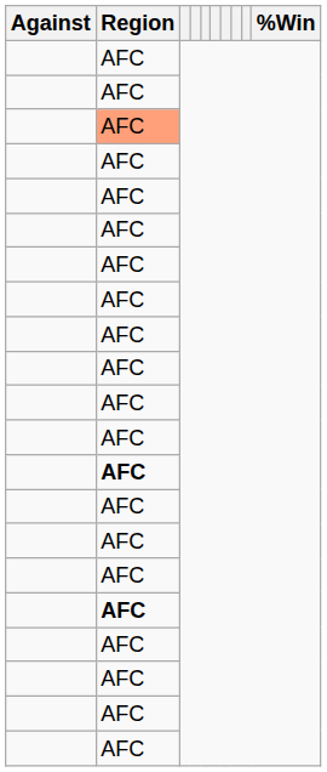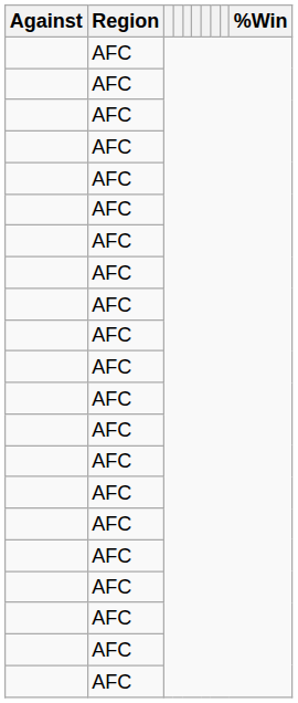 <table class="wikitable sortable" style="text-align: left;font-size:90%;">
 <tr>
 <th>Against</th>
 <th>Region</th>
 <th></th>
 <th></th>
 <th></th>
 <th></th>
 <th></th>
 <th></th>
 <th></th>
 <th>%Win</th>
-</tr>
-<tr>
-<td></td>
-<td>AFC<br></td>
-</tr>
-<tr>
-<td></td>
-<td>AFC<br></td>
-</tr>
-<tr>
-<td></td>
-<td style="background: lightsalmon;">AFC<br></td>
 </tr>
 <tr>
 <td></td>
 <td>AFC<br></td>
 </tr>
 <tr>
 <td></td>
 <td>AFC<br></td>
 </tr>
 <tr>
 <td></td>
 <td>AFC<br></td>
 </tr>
 <tr>
 <td></td>
 <td>AFC<br></td>
 </tr>
 <tr>
 <td></td>
 <td>AFC<br></td>
 </tr>
 <tr>
 <td></td>
 <td>AFC<br></td>
 </tr>
 <tr>
 <td></td>
 <td>AFC<br></td>
 </tr>
 <tr>
 <td></td>
 <td>AFC<br></td>
 </tr>
 <tr>
 <td></td>
 <td>AFC<br></td>
 </tr>
 <tr>
 <td></td>
-<td><strong>AFC<br></strong></td>
+<td>AFC<br></td>
 </tr>
 <tr>
 <td></td>
 <td>AFC<br></td>
 </tr>
 <tr>
 <td></td>
 <td>AFC<br></td>
 </tr>
 <tr>
 <td></td>
 <td>AFC<br></td>
 </tr>
 <tr>
 <td></td>
-<td><strong>AFC<br></strong></td>
+<td>AFC<br></td>
+</tr>
+<tr>
+<td></td>
+<td>AFC<br></td>
+</tr>
+<tr>
+<td></td>
+<td>AFC<br></td>
+</tr>
+<tr>
+<td></td>
+<td>AFC<br></td>
 </tr>
 <tr>
 <td></td>
 <td>AFC<br></td>
 </tr>
 <tr>
 <td></td>
 <td>AFC<br></td>
 </tr>
 <tr>
 <td></td>
 <td>AFC<br></td>
 </tr>
 <tr>
 <td></td>
 <td>AFC<br></td>
 </tr>
 </table>
